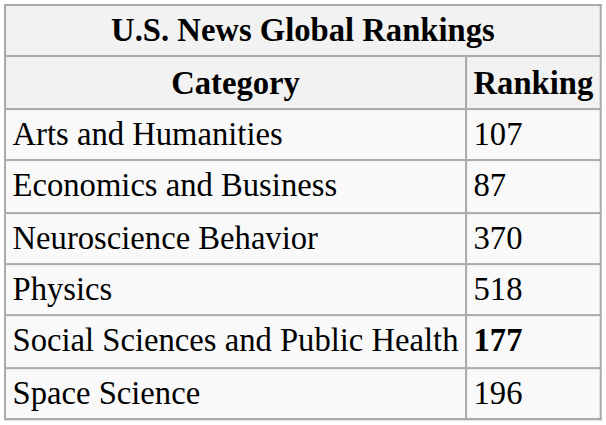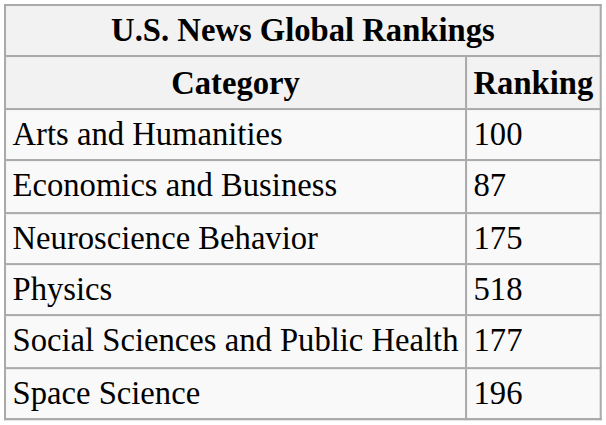 <table class="wikitable sortable collapsible collapsed floatright" "text-align:center">
 <tr>
 <th colspan=4>U.S. News Global Rankings </th>
 </tr>
 <tr>
 <th>Category</th>
 <th>Ranking</th>
 </tr>
 <tr>
 <td>Arts and Humanities</td>
-<td>107</td>
+<td>100</td>
 </tr>
 <tr>
 <td>Economics and Business</td>
 <td>87</td>
 </tr>
 <tr>
 <td>Neuroscience Behavior</td>
-<td>370</td>
+<td>175</td>
 </tr>
 <tr>
 <td>Physics</td>
 <td>518</td>
 </tr>
 <tr>
 <td>Social Sciences and Public Health</td>
-<td><strong>177</strong></td>
+<td>177</td>
 </tr>
 <tr>
 <td>Space Science</td>
 <td>196</td>
 </tr>
 <tr>
 </tr>
 </table>
